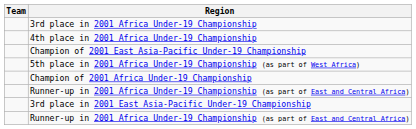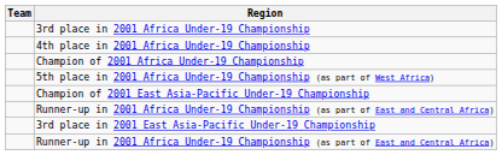 <table class="wikitable">
 <tr>
 <th>Team</th>
 <th>Region</th>
 </tr>
 <tr>
 <td></td>
 <td>3rd place in <a href='#'>2001 Africa Under-19 Championship</a></td>
 </tr>
 <tr>
 <td></td>
 <td>4th place in <a href='#'>2001 Africa Under-19 Championship</a></td>
 </tr>
 <tr>
 <td></td>
-<td>Champion of <a href='#'>2001 East Asia-Pacific Under-19 Championship</a></td>
+<td>Champion of <a href='#'>2001 Africa Under-19 Championship</a></td>
 </tr>
 <tr>
 <td></td>
 <td>5th place in <a href='#'>2001 Africa Under-19 Championship</a> <small>(as part of <a href='#'>West Africa</a>)</small></td>
 </tr>
 <tr>
 <td></td>
-<td>Champion of <a href='#'>2001 Africa Under-19 Championship</a></td>
+<td>Champion of <a href='#'>2001 East Asia-Pacific Under-19 Championship</a></td>
 </tr>
 <tr>
 <td></td>
 <td>Runner-up in <a href='#'>2001 Africa Under-19 Championship</a> <small>(as part of <a href='#'>East and Central Africa</a>)</small></td>
 </tr>
 <tr>
 <td></td>
 <td>3rd place in <a href='#'>2001 East Asia-Pacific Under-19 Championship</a></td>
 </tr>
 <tr>
 <td></td>
 <td>Runner-up in <a href='#'>2001 Africa Under-19 Championship</a> <small>(as part of <a href='#'>East and Central Africa</a>)</small></td>
 </tr>
 </table>
